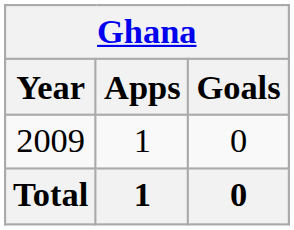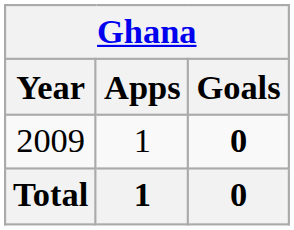 <table class="wikitable" style="text-align:center">
 <tr>
 <th colspan=3><a href='#'>Ghana</a></th>
 </tr>
 <tr>
 <th>Year</th>
 <th>Apps</th>
 <th>Goals</th>
 </tr>
 <tr>
 <td>2009</td>
 <td>1</td>
-<td>0</td>
+<td><strong>0</strong></td>
 </tr>
 <tr>
 <th>Total</th>
 <th>1</th>
 <th>0</th>
 </tr>
 </table>
